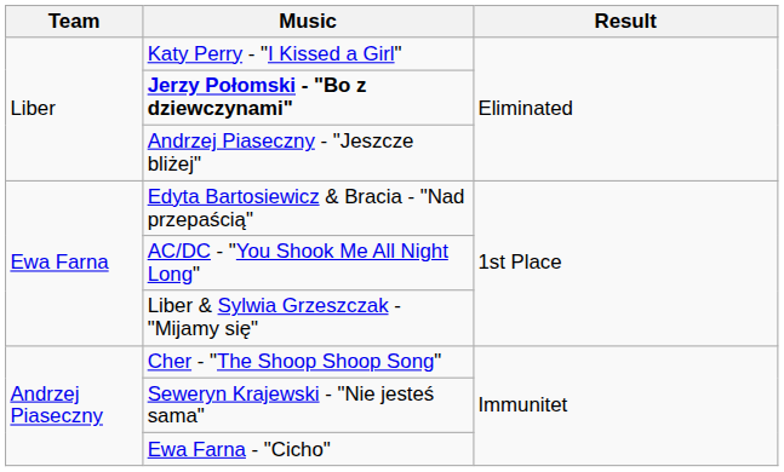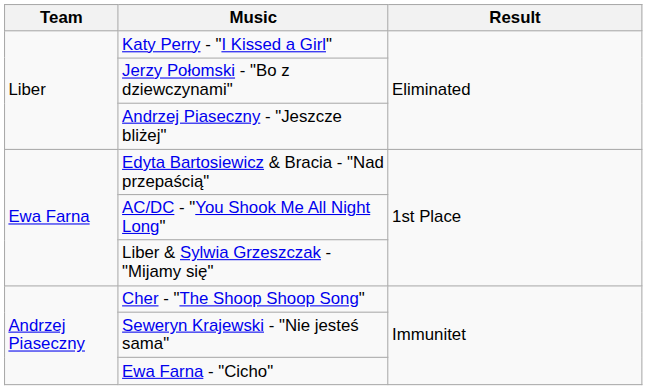 <table class="wikitable">
 <tr>
 <th style="width:130px;">Team</th>
 <th style="width:400px;">Music</th>
 <th style="width:400px;">Result</th>
 </tr>
 <tr>
 <td rowspan="3">Liber</td>
 <td><a href='#'>Katy Perry</a> - "<a href='#'>I Kissed a Girl</a>"</td>
 <td rowspan="3">Eliminated</td>
 </tr>
 <tr>
-<td><strong><a href='#'>Jerzy Połomski</a> - "Bo z dziewczynami"</strong></td>
+<td><a href='#'>Jerzy Połomski</a> - "Bo z dziewczynami"</td>
 </tr>
 <tr>
 <td><a href='#'>Andrzej Piaseczny</a> - "Jeszcze bliżej"</td>
 </tr>
 <tr>
 <td rowspan="3"><a href='#'>Ewa Farna</a></td>
 <td><a href='#'>Edyta Bartosiewicz</a> & Bracia - "Nad przepaścią"</td>
 <td rowspan="3">1st Place</td>
 </tr>
 <tr>
 <td><a href='#'>AC/DC</a> - "<a href='#'>You Shook Me All Night Long</a>"</td>
 </tr>
 <tr>
 <td>Liber & <a href='#'>Sylwia Grzeszczak</a> - "Mijamy się"</td>
 </tr>
 <tr>
 <td rowspan="3"><a href='#'>Andrzej Piaseczny</a></td>
 <td><a href='#'>Cher</a> - "<a href='#'>The Shoop Shoop Song</a>"</td>
 <td rowspan="3">Immunitet</td>
 </tr>
 <tr>
 <td><a href='#'>Seweryn Krajewski</a> - "Nie jesteś sama"</td>
 </tr>
 <tr>
 <td><a href='#'>Ewa Farna</a> - "Cicho"</td>
 </tr>
 </table>
